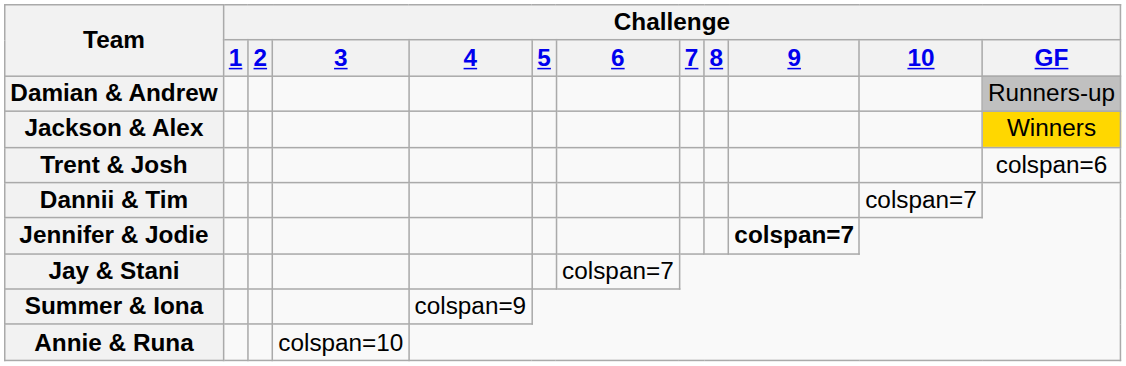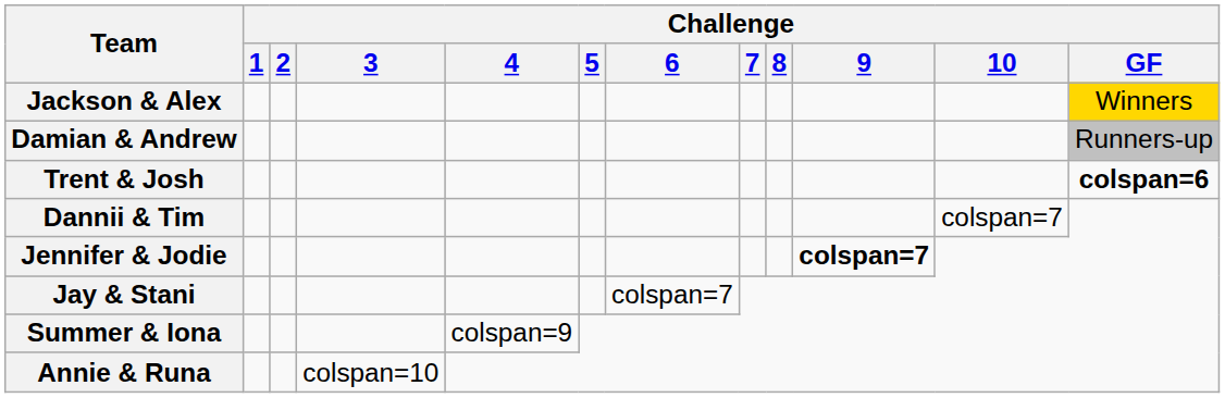 <table class="wikitable plainrowheaders" style="text-align: center; line-height:16px;">
 <tr>
 <th rowspan=2 scope="col">Team</th>
 <th colspan=11 scope="col">Challenge</th>
 </tr>
 <tr>
 <th scope="col"><a href='#'>1</a></th>
 <th scope="col"><a href='#'>2</a></th>
 <th scope="col"><a href='#'>3</a></th>
 <th scope="col"><a href='#'>4</a></th>
 <th scope="col"><a href='#'>5</a></th>
 <th scope="col"><a href='#'>6</a></th>
 <th scope="col"><a href='#'>7</a></th>
 <th scope="col"><a href='#'>8</a></th>
 <th scope="col"><a href='#'>9</a></th>
 <th scope="col"><a href='#'>10</a></th>
 <th scope="col"><a href='#'>GF</a></th>
 </tr>
 <tr>
+<th>Jackson & Alex</th>
+<td></td>
+<td></td>
+<td></td>
+<td></td>
+<td></td>
+<td></td>
+<td></td>
+<td></td>
+<td></td>
+<td></td>
+<td style="background:gold">Winners</td>
+</tr>
+<tr>
 <th>Damian & Andrew</th>
 <td></td>
 <td></td>
 <td></td>
 <td></td>
 <td></td>
 <td></td>
 <td></td>
 <td></td>
 <td></td>
 <td></td>
 <td style="background:silver">Runners-up</td>
 </tr>
 <tr>
-<th>Jackson & Alex</th>
-<td></td>
-<td></td>
-<td></td>
-<td></td>
-<td></td>
-<td></td>
-<td></td>
-<td></td>
-<td></td>
-<td></td>
-<td style="background:gold">Winners</td>
-</tr>
-<tr>
 <th>Trent & Josh</th>
 <td></td>
 <td></td>
 <td></td>
 <td></td>
 <td></td>
 <td></td>
 <td></td>
 <td></td>
 <td></td>
 <td></td>
-<td>colspan=6 </td>
+<td><strong>colspan=6 </strong></td>
 </tr>
 <tr>
 <th>Dannii & Tim</th>
 <td></td>
 <td></td>
 <td></td>
 <td></td>
 <td></td>
 <td></td>
 <td></td>
 <td></td>
 <td></td>
 <td>colspan=7 </td>
 </tr>
 <tr>
 <th>Jennifer & Jodie</th>
 <td></td>
 <td></td>
 <td></td>
 <td></td>
 <td></td>
 <td></td>
 <td></td>
 <td></td>
 <td><strong>colspan=7 </strong></td>
 </tr>
 <tr>
 <th>Jay & Stani</th>
 <td></td>
 <td></td>
 <td></td>
 <td></td>
 <td></td>
 <td>colspan=7 </td>
 </tr>
 <tr>
 <th>Summer & Iona</th>
 <td></td>
 <td></td>
 <td></td>
 <td>colspan=9 </td>
 </tr>
 <tr>
 <th>Annie & Runa</th>
 <td></td>
 <td></td>
 <td>colspan=10 </td>
 </tr>
 </table>
